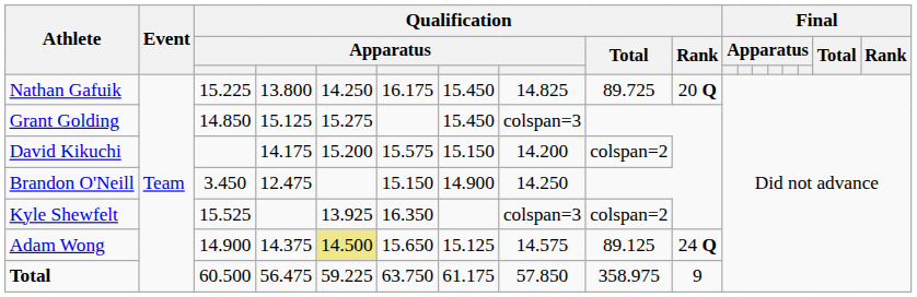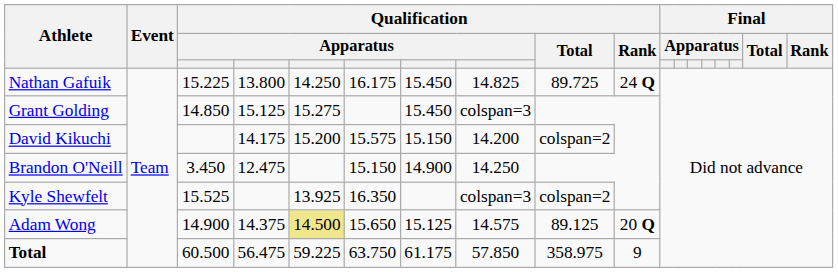 <table class="wikitable" style="font-size:90%">
 <tr>
 <th rowspan=3>Athlete</th>
 <th rowspan=3>Event</th>
 <th colspan =8>Qualification</th>
 <th colspan =8>Final</th>
 </tr>
 <tr style="font-size:95%">
 <th colspan=6>Apparatus</th>
 <th rowspan=2>Total</th>
 <th rowspan=2>Rank</th>
 <th colspan=6>Apparatus</th>
 <th rowspan=2>Total</th>
 <th rowspan=2>Rank</th>
 </tr>
 <tr style="font-size:95%">
 <th></th>
 <th></th>
 <th></th>
 <th></th>
 <th></th>
 <th></th>
 <th></th>
 <th></th>
 <th></th>
 <th></th>
 <th></th>
 <th></th>
 </tr>
 <tr align=center>
 <td align=left><a href='#'>Nathan Gafuik</a></td>
 <td rowspan=7 align=left><a href='#'>Team</a></td>
 <td>15.225</td>
 <td>13.800</td>
 <td>14.250</td>
 <td>16.175</td>
 <td>15.450</td>
 <td>14.825</td>
 <td>89.725</td>
-<td>20 <strong>Q</strong></td>
+<td>24 <strong>Q</strong></td>
 <td rowspan=7 colspan=8>Did not advance</td>
 </tr>
 <tr align=center>
 <td align=left><a href='#'>Grant Golding</a></td>
 <td>14.850</td>
 <td>15.125</td>
 <td>15.275</td>
 <td></td>
 <td align=center>15.450</td>
 <td>colspan=3 </td>
 </tr>
 <tr align=center>
 <td align=left><a href='#'>David Kikuchi</a></td>
 <td></td>
 <td>14.175</td>
 <td>15.200</td>
 <td>15.575</td>
 <td>15.150</td>
 <td>14.200</td>
 <td>colspan=2 </td>
 </tr>
 <tr align=center>
 <td align=left><a href='#'>Brandon O'Neill</a></td>
 <td>3.450</td>
 <td>12.475</td>
 <td></td>
 <td>15.150</td>
 <td>14.900</td>
 <td>14.250</td>
 </tr>
 <tr align=center>
 <td align=left><a href='#'>Kyle Shewfelt</a></td>
 <td>15.525</td>
 <td></td>
 <td>13.925</td>
 <td>16.350</td>
 <td></td>
 <td>colspan=3 </td>
 <td>colspan=2 </td>
 </tr>
 <tr align=center>
 <td align=left><a href='#'>Adam Wong</a></td>
 <td>14.900</td>
 <td>14.375</td>
 <td style="background: khaki;">14.500</td>
 <td>15.650</td>
 <td>15.125</td>
 <td>14.575</td>
 <td>89.125</td>
-<td>24 <strong>Q</strong></td>
+<td>20 <strong>Q</strong></td>
 </tr>
 <tr align=center>
 <td align=left><strong>Total</strong></td>
 <td>60.500</td>
 <td>56.475</td>
 <td>59.225</td>
 <td>63.750</td>
 <td>61.175</td>
 <td>57.850</td>
 <td>358.975</td>
 <td>9</td>
 </tr>
 </table>
